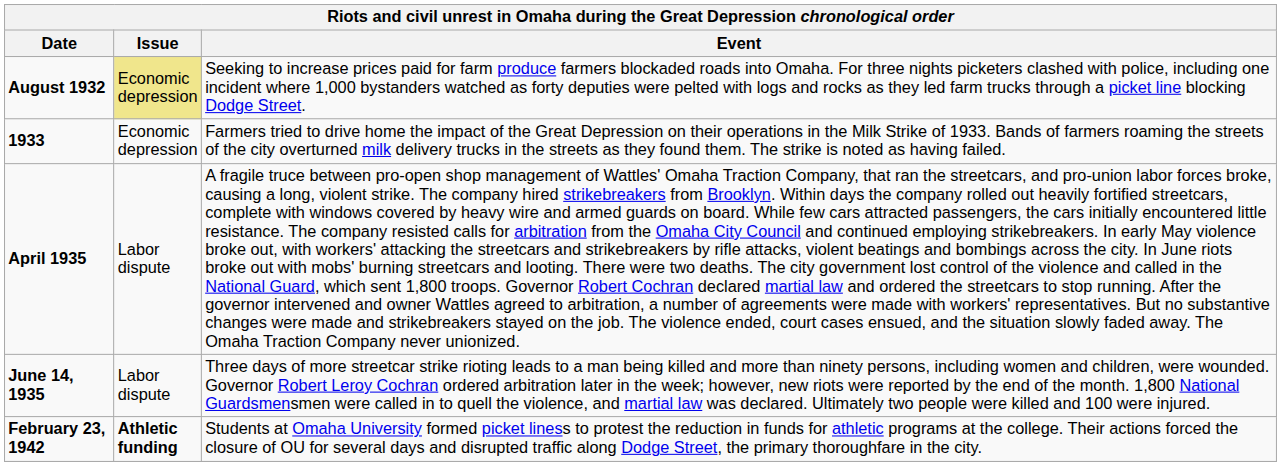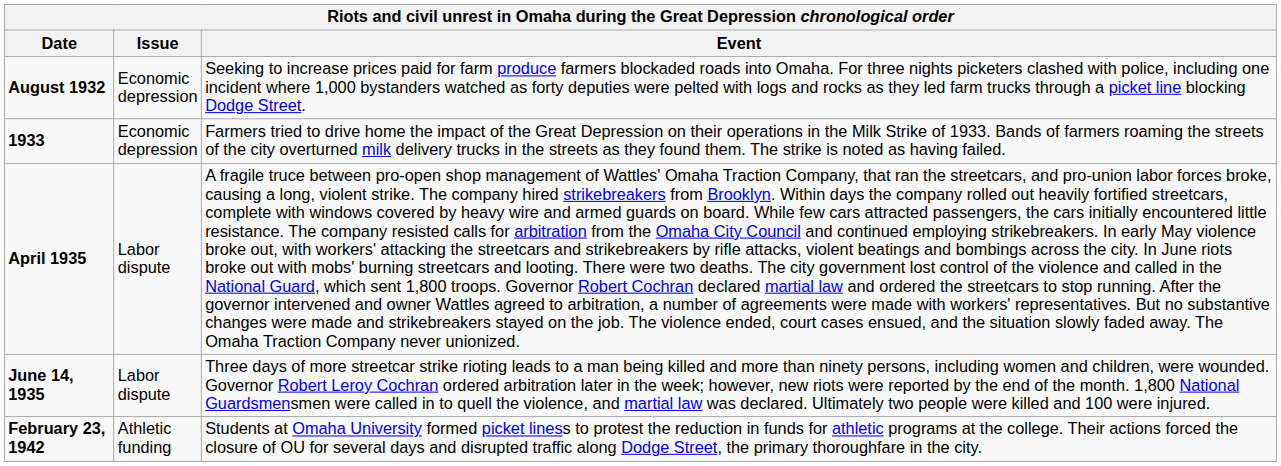 <table class="wikitable">
 <tr>
 <th align="center" colspan="6"><strong>Riots and civil unrest in Omaha during the Great Depression</strong> <em>chronological order</em></th>
 </tr>
 <tr>
 <th scope="col" width="100">Date</th>
 <th scope="col" width="50">Issue</th>
 <th scope="col">Event</th>
 </tr>
 <tr>
 <td><strong>August 1932</strong></td>
-<td style="background: khaki;">Economic depression</td>
+<td>Economic depression</td>
 <td>Seeking to increase prices paid for farm <a href='#'>produce</a> farmers blockaded roads into Omaha. For three nights picketers clashed with police, including one incident where 1,000 bystanders watched as forty deputies were pelted with logs and rocks as they led farm trucks through a <a href='#'>picket line</a> blocking <a href='#'>Dodge Street</a>.</td>
 </tr>
 <tr>
 <td><strong>1933</strong></td>
 <td>Economic depression</td>
 <td>Farmers tried to drive home the impact of the Great Depression on their operations in the Milk Strike of 1933. Bands of farmers roaming the streets of the city overturned <a href='#'>milk</a> delivery trucks in the streets as they found them. The strike is noted as having failed.</td>
 </tr>
 <tr>
 <td><strong>April 1935</strong></td>
 <td>Labor dispute</td>
 <td>A fragile truce between pro-open shop management of Wattles' Omaha Traction Company, that ran the streetcars, and pro-union labor forces broke, causing a long, violent strike. The company hired <a href='#'>strikebreakers</a> from <a href='#'>Brooklyn</a>. Within days the company rolled out heavily fortified streetcars, complete with windows covered by heavy wire and armed guards on board. While few cars attracted passengers, the cars initially encountered little resistance. The company resisted calls for <a href='#'>arbitration</a> from the <a href='#'>Omaha City Council</a> and continued employing strikebreakers. In early May violence broke out, with workers' attacking the streetcars and strikebreakers by rifle attacks, violent beatings and bombings across the city. In June riots broke out with mobs' burning streetcars and looting. There were two deaths. The city government lost control of the violence and called in the <a href='#'>National Guard</a>, which sent 1,800 troops. Governor <a href='#'>Robert Cochran</a> declared <a href='#'>martial law</a> and ordered the streetcars to stop running. After the governor intervened and owner Wattles agreed to arbitration, a number of agreements were made with workers' representatives. But no substantive changes were made and strikebreakers stayed on the job. The violence ended, court cases ensued, and the situation slowly faded away. The Omaha Traction Company never unionized.</td>
 </tr>
 <tr>
 <td><strong>June 14, 1935</strong></td>
 <td>Labor dispute</td>
 <td>Three days of more streetcar strike rioting leads to a man being killed and more than ninety persons, including women and children, were wounded. Governor <a href='#'>Robert Leroy Cochran</a> ordered arbitration later in the week; however, new riots were reported by the end of the month. 1,800 <a href='#'>National Guardsmen</a>smen were called in to quell the violence, and <a href='#'>martial law</a> was declared. Ultimately two people were killed and 100 were injured.</td>
 </tr>
 <tr>
 <td><strong>February 23, 1942</strong></td>
-<td><strong>Athletic funding</strong></td>
+<td>Athletic funding</td>
 <td>Students at <a href='#'>Omaha University</a> formed <a href='#'>picket lines</a>s to protest the reduction in funds for <a href='#'>athletic</a> programs at the college. Their actions forced the closure of OU for several days and disrupted traffic along <a href='#'>Dodge Street</a>, the primary thoroughfare in the city.</td>
 </tr>
 <tr>
 </tr>
 </table>
